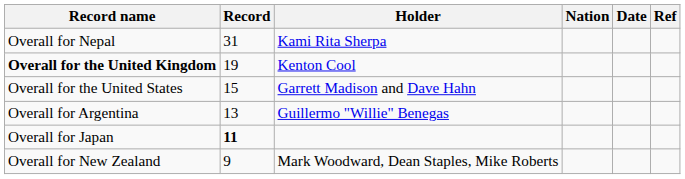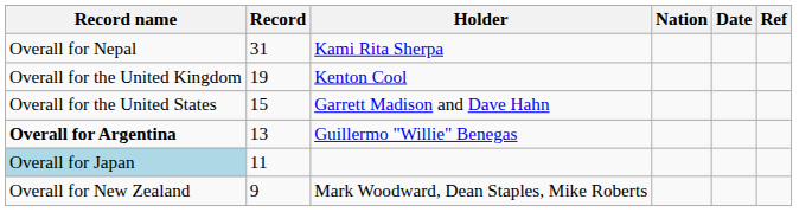 <table class="wikitable sortable">
 <tr>
 <th>Record name</th>
 <th>Record</th>
 <th>Holder</th>
 <th>Nation</th>
 <th>Date</th>
 <th>Ref</th>
 </tr>
 <tr>
 <td>Overall for Nepal</td>
 <td>31</td>
 <td><a href='#'>Kami Rita Sherpa</a></td>
 <td></td>
 <td></td>
 <td></td>
 </tr>
 <tr>
-<td><strong>Overall for the United Kingdom</strong></td>
+<td>Overall for the United Kingdom</td>
 <td>19</td>
 <td><a href='#'>Kenton Cool</a></td>
 <td></td>
 <td></td>
 <td></td>
 </tr>
 <tr>
 <td>Overall for the United States</td>
 <td>15</td>
 <td><a href='#'>Garrett Madison</a> and <a href='#'>Dave Hahn</a></td>
 <td></td>
 <td></td>
 <td></td>
 </tr>
 <tr>
-<td>Overall for Argentina</td>
+<td><strong>Overall for Argentina</strong></td>
 <td>13</td>
 <td><a href='#'>Guillermo "Willie" Benegas</a></td>
 <td></td>
 <td></td>
 <td></td>
 </tr>
 <tr>
-<td>Overall for Japan</td>
-<td><strong>11</strong></td>
+<td style="background: lightblue;">Overall for Japan</td>
+<td>11</td>
 <td></td>
 <td></td>
 <td></td>
 <td></td>
 </tr>
 <tr>
 <td>Overall for New Zealand</td>
 <td>9</td>
 <td>Mark Woodward, Dean Staples, Mike Roberts</td>
 <td></td>
 <td></td>
 <td></td>
 </tr>
 </table>
